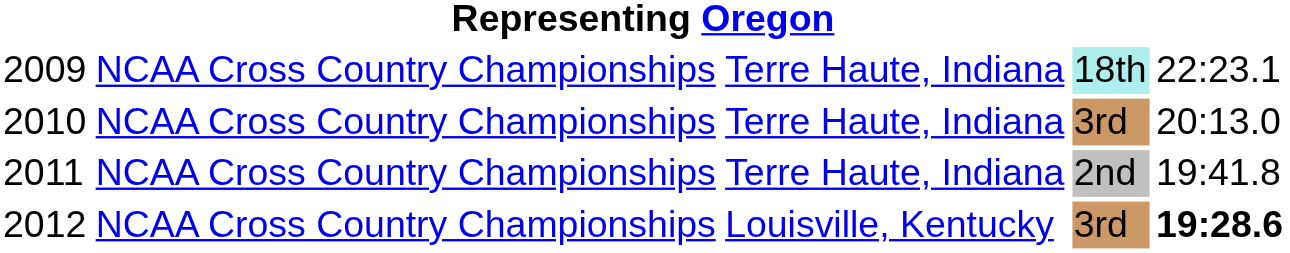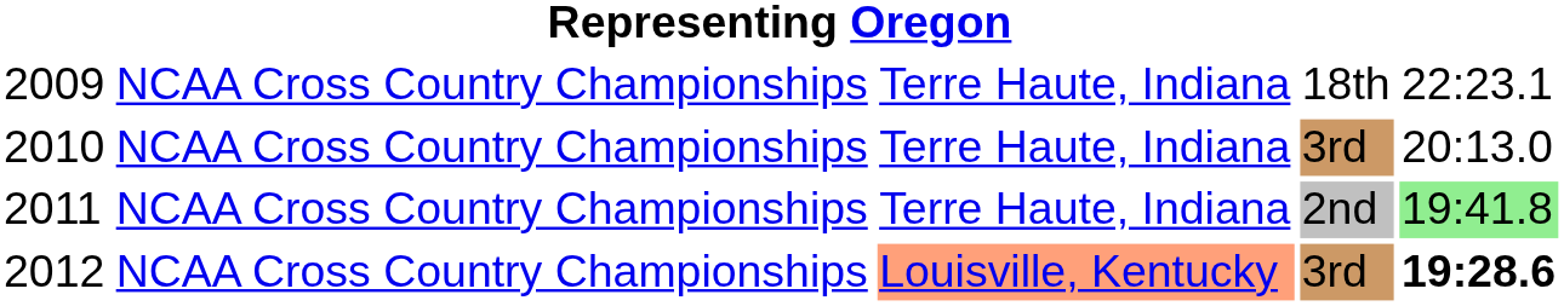 <table>
 <tr>
 <th colspan=6>Representing <a href='#'>Oregon</a></th>
 </tr>
 <tr>
 <td>2009</td>
 <td><a href='#'>NCAA Cross Country Championships</a></td>
 <td><a href='#'>Terre Haute, Indiana</a></td>
-<td style="background: paleturquoise;">18th</td>
+<td>18th</td>
 <td>22:23.1</td>
 </tr>
 <tr>
 <td>2010</td>
 <td><a href='#'>NCAA Cross Country Championships</a></td>
 <td><a href='#'>Terre Haute, Indiana</a></td>
 <td style="background:#c96;">3rd</td>
 <td>20:13.0</td>
 </tr>
 <tr>
 <td>2011</td>
 <td><a href='#'>NCAA Cross Country Championships</a></td>
 <td><a href='#'>Terre Haute, Indiana</a></td>
 <td style="background:silver;">2nd</td>
-<td>19:41.8</td>
+<td style="background: lightgreen;">19:41.8</td>
 </tr>
 <tr>
 <td>2012</td>
 <td><a href='#'>NCAA Cross Country Championships</a></td>
-<td><a href='#'>Louisville, Kentucky</a></td>
+<td style="background: lightsalmon;"><a href='#'>Louisville, Kentucky</a></td>
 <td style="background:#c96;">3rd</td>
 <td><strong>19:28.6</strong></td>
 </tr>
 </table>
